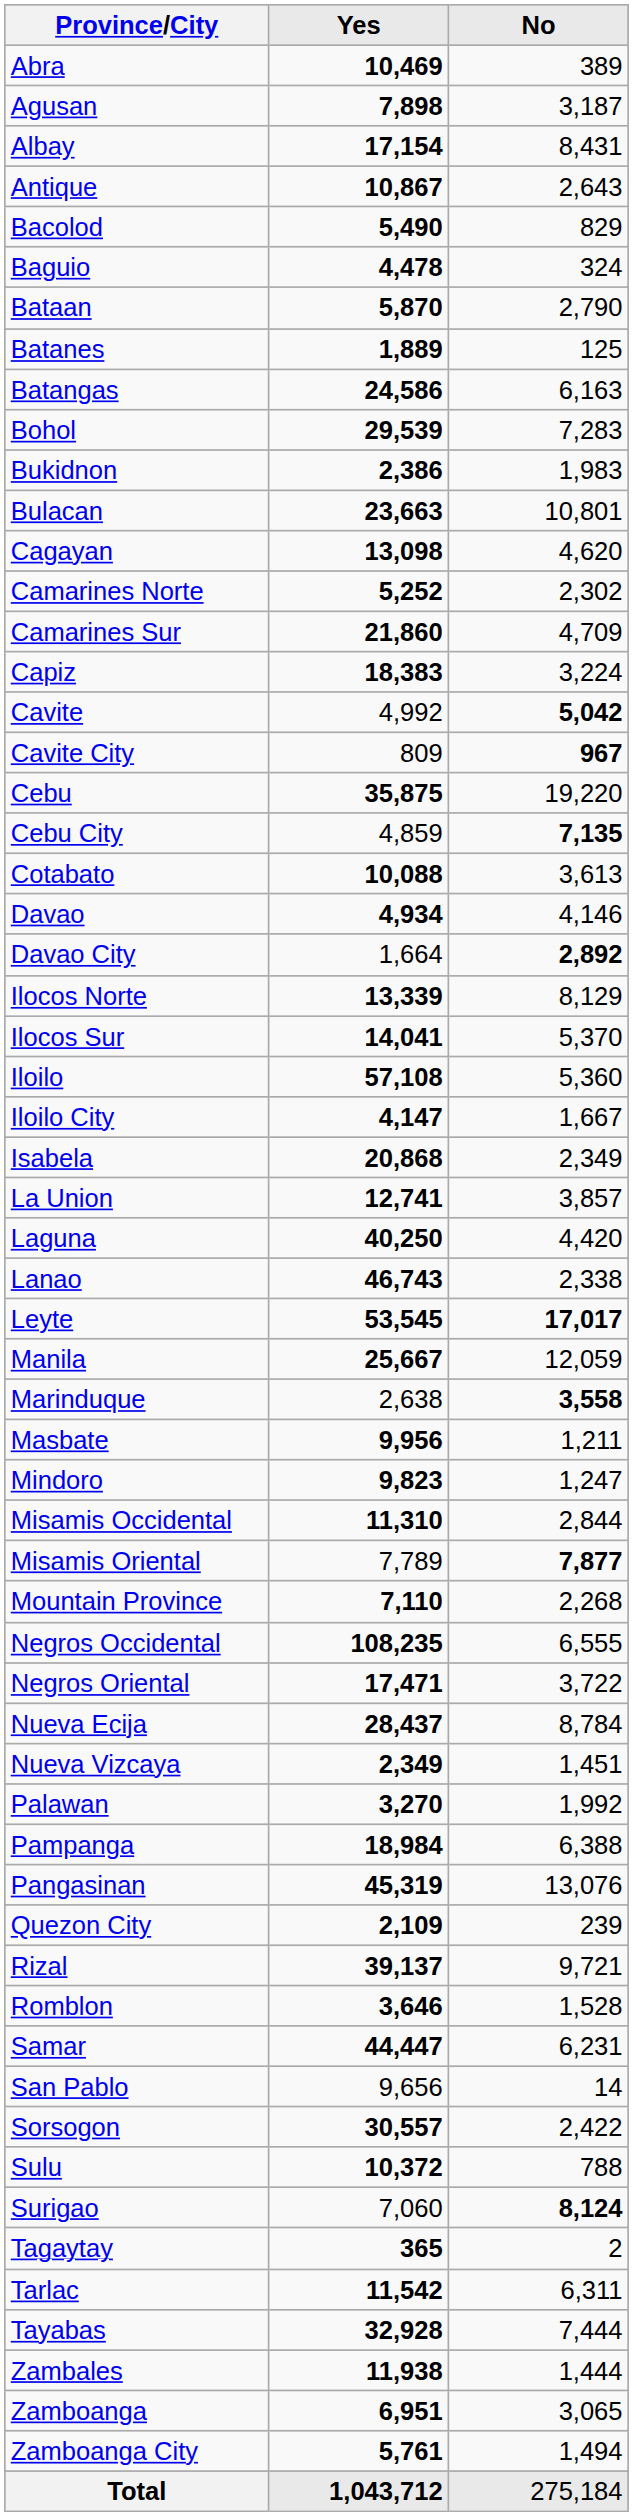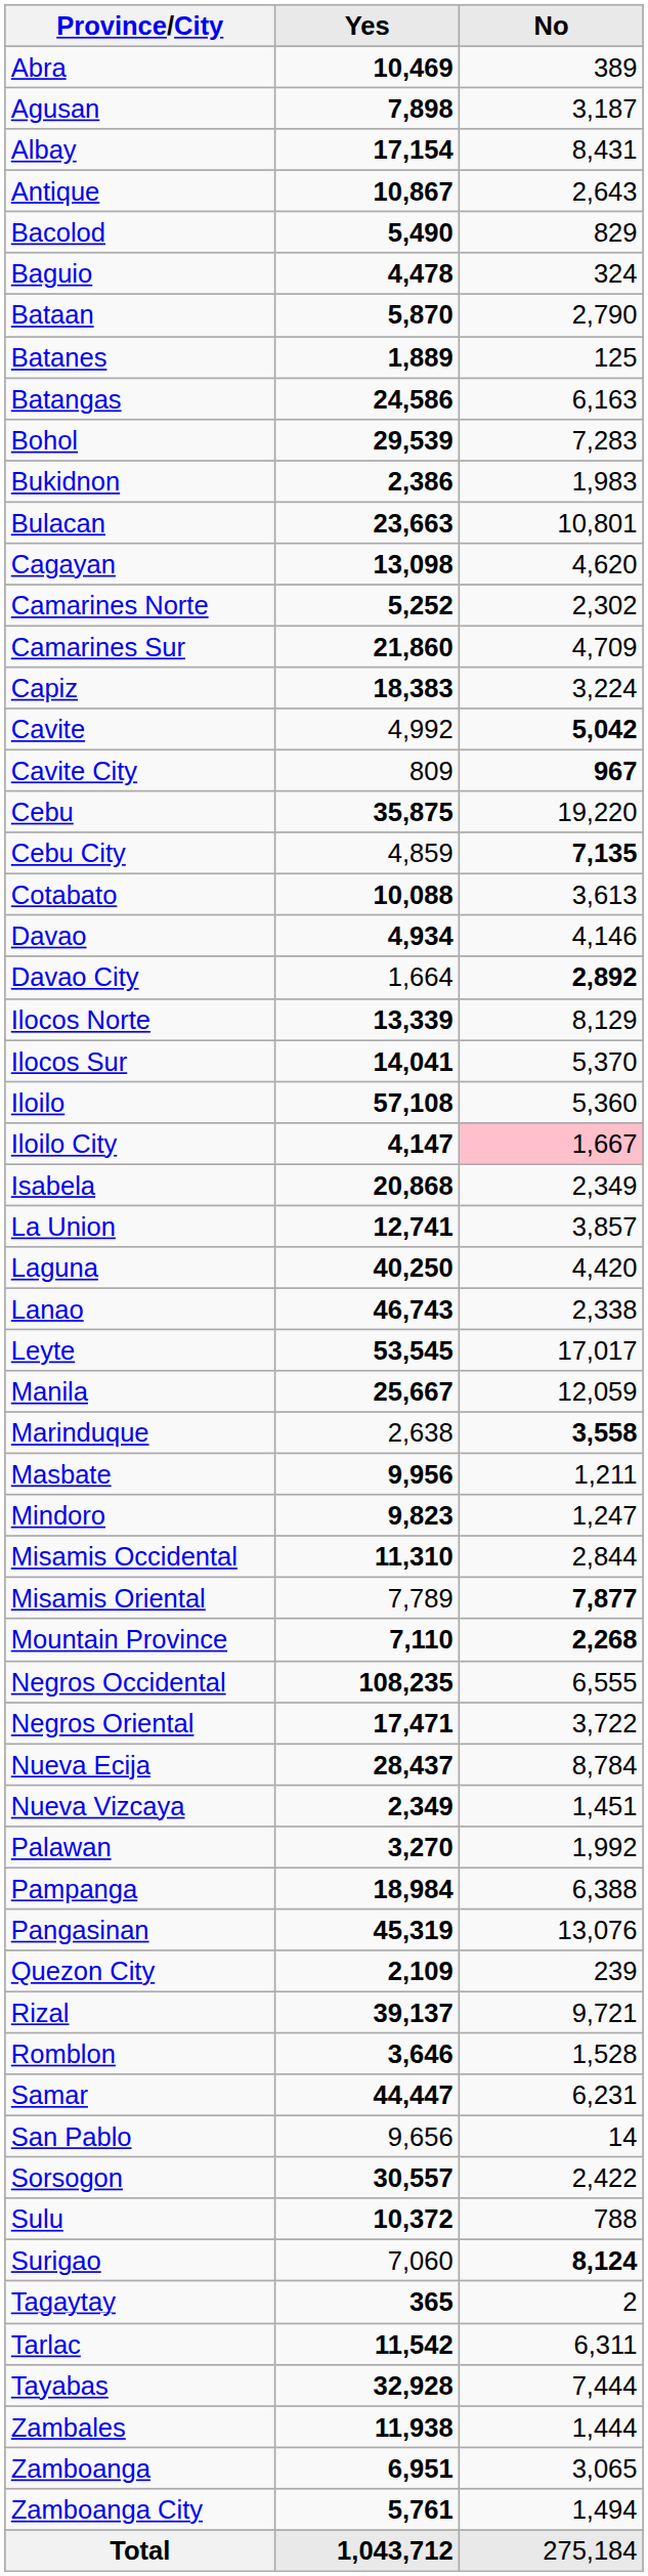 <table class="wikitable" style="text-align:right; font-size:95%">
 <tr>
 <th width="150px" align="left"><a href='#'>Province</a>/<a href='#'>City</a></th>
 <th width="100px" align="center" style="background: #E9E9E9">Yes</th>
 <th width="100px" align="center" style="background: #E9E9E9">No</th>
 </tr>
 <tr>
 <td align="left"><a href='#'>Abra</a></td>
 <td><strong>10,469</strong></td>
 <td>389</td>
 </tr>
 <tr>
 <td align="left"><a href='#'>Agusan</a></td>
 <td><strong>7,898</strong></td>
 <td>3,187</td>
 </tr>
 <tr>
 <td align="left"><a href='#'>Albay</a></td>
 <td><strong>17,154</strong></td>
 <td>8,431</td>
 </tr>
 <tr>
 <td align="left"><a href='#'>Antique</a></td>
 <td><strong>10,867</strong></td>
 <td>2,643</td>
 </tr>
 <tr>
 <td align="left"><a href='#'>Bacolod</a></td>
 <td><strong>5,490</strong></td>
 <td>829</td>
 </tr>
 <tr>
 <td align="left"><a href='#'>Baguio</a></td>
 <td><strong>4,478</strong></td>
 <td>324</td>
 </tr>
 <tr>
 <td align="left"><a href='#'>Bataan</a></td>
 <td><strong>5,870</strong></td>
 <td>2,790</td>
 </tr>
 <tr>
 <td align="left"><a href='#'>Batanes</a></td>
 <td><strong>1,889</strong></td>
 <td>125</td>
 </tr>
 <tr>
 <td align="left"><a href='#'>Batangas</a></td>
 <td><strong>24,586</strong></td>
 <td>6,163</td>
 </tr>
 <tr>
 <td align="left"><a href='#'>Bohol</a></td>
 <td><strong>29,539</strong></td>
 <td>7,283</td>
 </tr>
 <tr>
 <td align="left"><a href='#'>Bukidnon</a></td>
 <td><strong>2,386</strong></td>
 <td>1,983</td>
 </tr>
 <tr>
 <td align="left"><a href='#'>Bulacan</a></td>
 <td><strong>23,663</strong></td>
 <td>10,801</td>
 </tr>
 <tr>
 <td align="left"><a href='#'>Cagayan</a></td>
 <td><strong>13,098</strong></td>
 <td>4,620</td>
 </tr>
 <tr>
 <td align="left"><a href='#'>Camarines Norte</a></td>
 <td><strong>5,252</strong></td>
 <td>2,302</td>
 </tr>
 <tr>
 <td align="left"><a href='#'>Camarines Sur</a></td>
 <td><strong>21,860</strong></td>
 <td>4,709</td>
 </tr>
 <tr>
 <td align="left"><a href='#'>Capiz</a></td>
 <td><strong>18,383</strong></td>
 <td>3,224</td>
 </tr>
 <tr>
 <td align="left"><a href='#'>Cavite</a></td>
 <td>4,992</td>
 <td><strong>5,042</strong></td>
 </tr>
 <tr>
 <td align="left"><a href='#'>Cavite City</a></td>
 <td>809</td>
 <td><strong>967</strong></td>
 </tr>
 <tr>
 <td align="left"><a href='#'>Cebu</a></td>
 <td><strong>35,875</strong></td>
 <td>19,220</td>
 </tr>
 <tr>
 <td align="left"><a href='#'>Cebu City</a></td>
 <td>4,859</td>
 <td><strong>7,135</strong></td>
 </tr>
 <tr>
 <td align="left"><a href='#'>Cotabato</a></td>
 <td><strong>10,088</strong></td>
 <td>3,613</td>
 </tr>
 <tr>
 <td align="left"><a href='#'>Davao</a></td>
 <td><strong>4,934</strong></td>
 <td>4,146</td>
 </tr>
 <tr>
 <td align="left"><a href='#'>Davao City</a></td>
 <td>1,664</td>
 <td><strong>2,892</strong></td>
 </tr>
 <tr>
 <td align="left"><a href='#'>Ilocos Norte</a></td>
 <td><strong>13,339</strong></td>
 <td>8,129</td>
 </tr>
 <tr>
 <td align="left"><a href='#'>Ilocos Sur</a></td>
 <td><strong>14,041</strong></td>
 <td>5,370</td>
 </tr>
 <tr>
 <td align="left"><a href='#'>Iloilo</a></td>
 <td><strong>57,108</strong></td>
 <td>5,360</td>
 </tr>
 <tr>
 <td align="left"><a href='#'>Iloilo City</a></td>
 <td><strong>4,147</strong></td>
-<td>1,667</td>
+<td style="background: pink;">1,667</td>
 </tr>
 <tr>
 <td align="left"><a href='#'>Isabela</a></td>
 <td><strong>20,868</strong></td>
 <td>2,349</td>
 </tr>
 <tr>
 <td align="left"><a href='#'>La Union</a></td>
 <td><strong>12,741</strong></td>
 <td>3,857</td>
 </tr>
 <tr>
 <td align="left"><a href='#'>Laguna</a></td>
 <td><strong>40,250</strong></td>
 <td>4,420</td>
 </tr>
 <tr>
 <td align="left"><a href='#'>Lanao</a></td>
 <td><strong>46,743</strong></td>
 <td>2,338</td>
 </tr>
 <tr>
 <td align="left"><a href='#'>Leyte</a></td>
 <td><strong>53,545</strong></td>
-<td><strong>17,017</strong></td>
+<td>17,017</td>
 </tr>
 <tr>
 <td align="left"><a href='#'>Manila</a></td>
 <td><strong>25,667</strong></td>
 <td>12,059</td>
 </tr>
 <tr>
 <td align="left"><a href='#'>Marinduque</a></td>
 <td>2,638</td>
 <td><strong>3,558</strong></td>
 </tr>
 <tr>
 <td align="left"><a href='#'>Masbate</a></td>
 <td><strong>9,956</strong></td>
 <td>1,211</td>
 </tr>
 <tr>
 <td align="left"><a href='#'>Mindoro</a></td>
 <td><strong>9,823</strong></td>
 <td>1,247</td>
 </tr>
 <tr>
 <td align="left"><a href='#'>Misamis Occidental</a></td>
 <td><strong>11,310</strong></td>
 <td>2,844</td>
 </tr>
 <tr>
 <td align="left"><a href='#'>Misamis Oriental</a></td>
 <td>7,789</td>
 <td><strong>7,877</strong></td>
 </tr>
 <tr>
 <td align="left"><a href='#'>Mountain Province</a></td>
 <td><strong>7,110</strong></td>
-<td>2,268</td>
+<td><strong>2,268</strong></td>
 </tr>
 <tr>
 <td align="left"><a href='#'>Negros Occidental</a></td>
 <td><strong>108,235</strong></td>
 <td>6,555</td>
 </tr>
 <tr>
 <td align="left"><a href='#'>Negros Oriental</a></td>
 <td><strong>17,471</strong></td>
 <td>3,722</td>
 </tr>
 <tr>
 <td align="left"><a href='#'>Nueva Ecija</a></td>
 <td><strong>28,437</strong></td>
 <td>8,784</td>
 </tr>
 <tr>
 <td align="left"><a href='#'>Nueva Vizcaya</a></td>
 <td><strong>2,349</strong></td>
 <td>1,451</td>
 </tr>
 <tr>
 <td align="left"><a href='#'>Palawan</a></td>
 <td><strong>3,270</strong></td>
 <td>1,992</td>
 </tr>
 <tr>
 <td align="left"><a href='#'>Pampanga</a></td>
 <td><strong>18,984</strong></td>
 <td>6,388</td>
 </tr>
 <tr>
 <td align="left"><a href='#'>Pangasinan</a></td>
 <td><strong>45,319</strong></td>
 <td>13,076</td>
 </tr>
 <tr>
 <td align="left"><a href='#'>Quezon City</a></td>
 <td><strong>2,109</strong></td>
 <td>239</td>
 </tr>
 <tr>
 <td align="left"><a href='#'>Rizal</a></td>
 <td><strong>39,137</strong></td>
 <td>9,721</td>
 </tr>
 <tr>
 <td align="left"><a href='#'>Romblon</a></td>
 <td><strong>3,646</strong></td>
 <td>1,528</td>
 </tr>
 <tr>
 <td align="left"><a href='#'>Samar</a></td>
 <td><strong>44,447</strong></td>
 <td>6,231</td>
 </tr>
 <tr>
 <td align="left"><a href='#'>San Pablo</a></td>
 <td>9,656</td>
 <td>14</td>
 </tr>
 <tr>
 <td align="left"><a href='#'>Sorsogon</a></td>
 <td><strong>30,557</strong></td>
 <td>2,422</td>
 </tr>
 <tr>
 <td align="left"><a href='#'>Sulu</a></td>
 <td><strong>10,372</strong></td>
 <td>788</td>
 </tr>
 <tr>
 <td align="left"><a href='#'>Surigao</a></td>
 <td>7,060</td>
 <td><strong>8,124</strong></td>
 </tr>
 <tr>
 <td align="left"><a href='#'>Tagaytay</a></td>
 <td><strong>365</strong></td>
 <td>2</td>
 </tr>
 <tr>
 <td align="left"><a href='#'>Tarlac</a></td>
 <td><strong>11,542</strong></td>
 <td>6,311</td>
 </tr>
 <tr>
 <td align="left"><a href='#'>Tayabas</a></td>
 <td><strong>32,928</strong></td>
 <td>7,444</td>
 </tr>
 <tr>
 <td align="left"><a href='#'>Zambales</a></td>
 <td><strong>11,938</strong></td>
 <td>1,444</td>
 </tr>
 <tr>
 <td align="left"><a href='#'>Zamboanga</a></td>
 <td><strong>6,951</strong></td>
 <td>3,065</td>
 </tr>
 <tr>
 <td align="left"><a href='#'>Zamboanga City</a></td>
 <td><strong>5,761</strong></td>
 <td>1,494</td>
 </tr>
 <tr style="background:#E9E9E9">
 <th align="center"><strong>Total</strong></th>
 <td><strong>1,043,712</strong></td>
 <td>275,184</td>
 </tr>
 </table>
